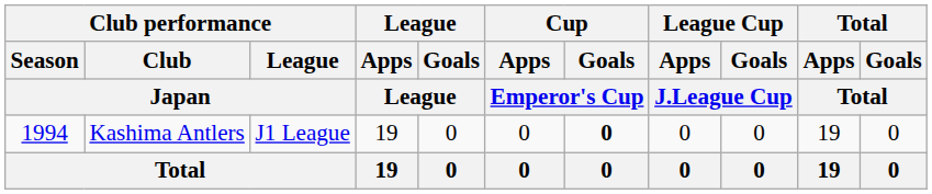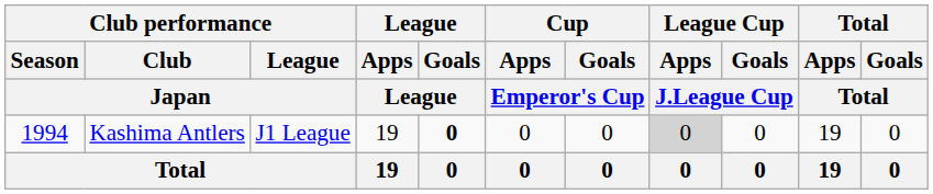 <table class="wikitable" style="text-align:center;">
 <tr>
 <th colspan=3>Club performance</th>
 <th colspan=2>League</th>
 <th colspan=2>Cup</th>
 <th colspan=2>League Cup</th>
 <th colspan=2>Total</th>
 </tr>
 <tr>
 <th>Season</th>
 <th>Club</th>
 <th>League</th>
 <th>Apps</th>
 <th>Goals</th>
 <th>Apps</th>
 <th>Goals</th>
 <th>Apps</th>
 <th>Goals</th>
 <th>Apps</th>
 <th>Goals</th>
 </tr>
 <tr>
 <th colspan=3>Japan</th>
 <th colspan=2>League</th>
 <th colspan=2><a href='#'>Emperor's Cup</a></th>
 <th colspan=2><a href='#'>J.League Cup</a></th>
 <th colspan=2>Total</th>
 </tr>
 <tr>
 <td><a href='#'>1994</a></td>
 <td><a href='#'>Kashima Antlers</a></td>
 <td><a href='#'>J1 League</a></td>
 <td>19</td>
+<td><strong>0</strong></td>
 <td>0</td>
 <td>0</td>
-<td><strong>0</strong></td>
-<td>0</td>
+<td style="background: lightgrey;">0</td>
 <td>0</td>
 <td>19</td>
 <td>0</td>
 </tr>
 <tr>
 <th colspan=3>Total</th>
 <th>19</th>
 <th>0</th>
 <th>0</th>
 <th>0</th>
 <th>0</th>
 <th>0</th>
 <th>19</th>
 <th>0</th>
 </tr>
 </table>
